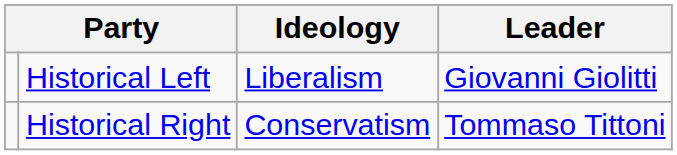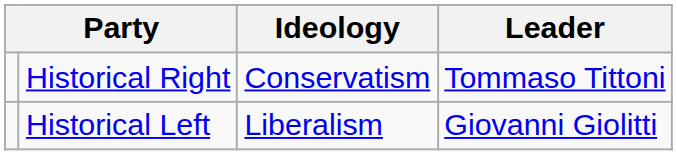 <table class=wikitable style="font-size:100%">
 <tr>
 <th colspan=2>Party</th>
 <th>Ideology</th>
 <th>Leader</th>
 </tr>
 <tr>
 <td style="color:inherit;background:"></td>
+<td><a href='#'>Historical Right</a></td>
+<td><a href='#'>Conservatism</a></td>
+<td><a href='#'>Tommaso Tittoni</a></td>
+</tr>
+<tr>
+<td style="color:inherit;background:"></td>
 <td><a href='#'>Historical Left</a></td>
 <td><a href='#'>Liberalism</a></td>
 <td><a href='#'>Giovanni Giolitti</a></td>
 </tr>
-<tr>
-<td style="color:inherit;background:"></td>
-<td><a href='#'>Historical Right</a></td>
-<td><a href='#'>Conservatism</a></td>
-<td><a href='#'>Tommaso Tittoni</a></td>
-</tr>
 </table>
